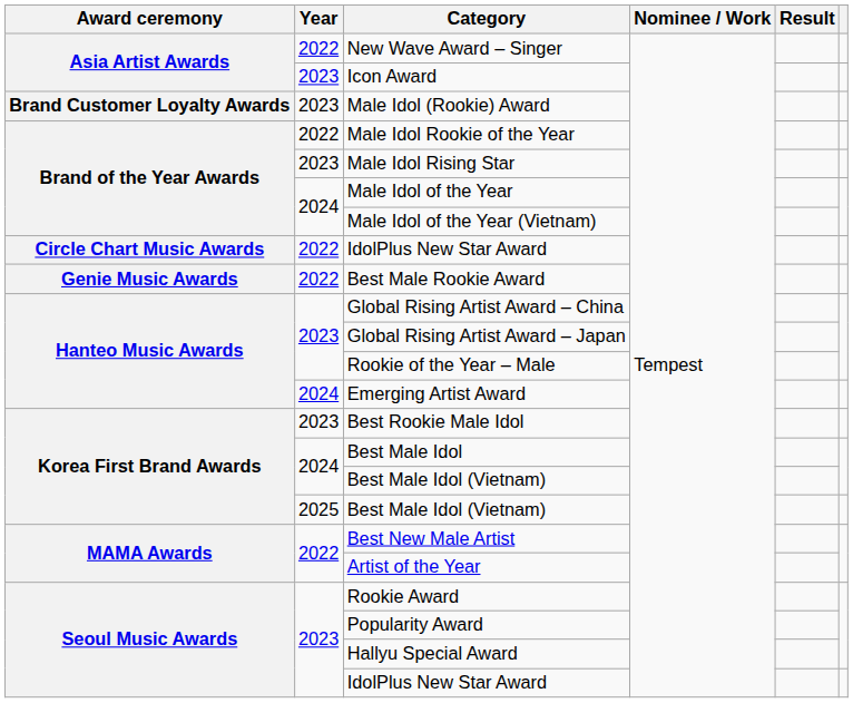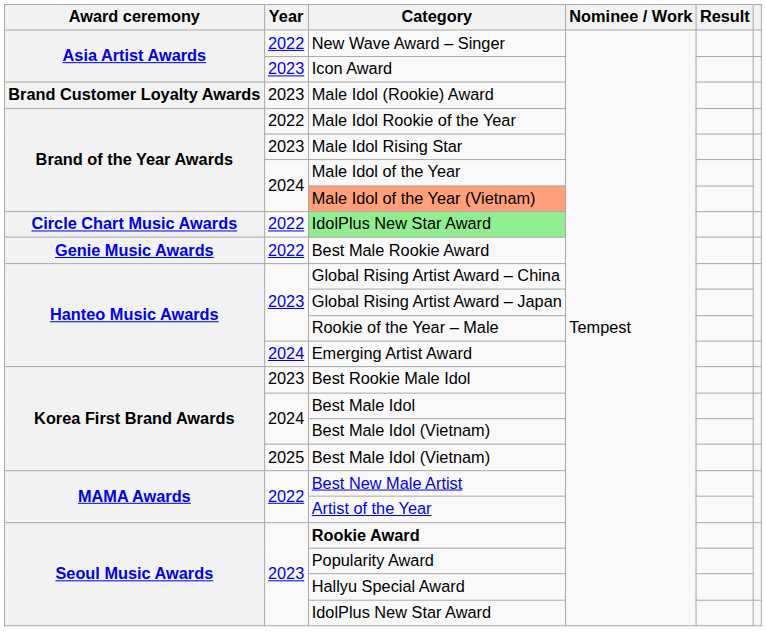 <table class="wikitable plainrowheaders sortable">
 <tr>
 <th scope="col">Award ceremony</th>
 <th scope="col">Year</th>
 <th scope="col">Category</th>
 <th scope="col">Nominee / Work</th>
 <th scope="col">Result</th>
 <th scope="col" class="unsortable"></th>
 </tr>
 <tr>
 <th scope="row"  rowspan="2"><a href='#'>Asia Artist Awards</a></th>
 <td rowspan="1"><a href='#'>2022</a></td>
 <td>New Wave Award  – Singer</td>
 <td rowspan="23">Tempest</td>
 <td></td>
 <td align=center></td>
 </tr>
 <tr>
 <td rowspan="1"><a href='#'>2023</a></td>
 <td>Icon Award</td>
 <td></td>
 <td align=center></td>
 </tr>
 <tr>
 <th scope="row">Brand Customer Loyalty Awards</th>
 <td>2023</td>
 <td>Male Idol (Rookie) Award</td>
 <td></td>
 <td align=center></td>
 </tr>
 <tr>
 <th scope="row" rowspan="4">Brand of the Year Awards</th>
 <td>2022</td>
 <td>Male Idol Rookie of the Year</td>
 <td></td>
 <td align=center></td>
 </tr>
 <tr>
 <td>2023</td>
 <td>Male Idol Rising Star</td>
 <td></td>
 <td align=center></td>
 </tr>
 <tr>
 <td rowspan=2>2024</td>
 <td>Male Idol of the Year</td>
 <td></td>
 <td rowspan="2" align=center></td>
 </tr>
 <tr>
-<td>Male Idol of the Year (Vietnam)</td>
+<td style="background: lightsalmon;">Male Idol of the Year (Vietnam)</td>
 <td></td>
 </tr>
 <tr>
 <th scope="row"><a href='#'>Circle Chart Music Awards</a></th>
 <td><a href='#'>2022</a></td>
-<td>IdolPlus New Star Award</td>
+<td style="background: lightgreen;">IdolPlus New Star Award</td>
 <td></td>
 <td align=center></td>
 </tr>
 <tr>
 <th scope="row"><a href='#'>Genie Music Awards</a></th>
 <td><a href='#'>2022</a></td>
 <td>Best Male Rookie Award</td>
 <td></td>
 <td align=center></td>
 </tr>
 <tr>
 <th scope="row" rowspan="4"><a href='#'>Hanteo Music Awards</a></th>
 <td rowspan=3><a href='#'>2023</a></td>
 <td>Global Rising Artist Award – China</td>
 <td></td>
 <td rowspan="3" align=center></td>
 </tr>
 <tr>
 <td>Global Rising Artist Award – Japan</td>
 <td></td>
 </tr>
 <tr>
 <td>Rookie of the Year – Male</td>
 <td></td>
 </tr>
 <tr>
 <td><a href='#'>2024</a></td>
 <td>Emerging Artist Award</td>
 <td></td>
 <td rowspan="1" align=center></td>
 </tr>
 <tr>
 <th scope="row" rowspan="4">Korea First Brand Awards</th>
 <td>2023</td>
 <td>Best Rookie Male Idol</td>
 <td></td>
 <td align=center></td>
 </tr>
 <tr>
 <td rowspan="2">2024</td>
 <td>Best Male Idol</td>
 <td></td>
 <td rowspan="2" align=center></td>
 </tr>
 <tr>
 <td>Best Male Idol (Vietnam)</td>
 <td></td>
 </tr>
 <tr>
 <td>2025</td>
 <td>Best Male Idol (Vietnam)</td>
 <td></td>
 <td align=center></td>
 </tr>
 <tr>
 <th scope="row" rowspan="2"><a href='#'>MAMA Awards</a></th>
 <td rowspan="2"><a href='#'>2022</a></td>
 <td><a href='#'>Best New Male Artist</a></td>
 <td></td>
 <td rowspan="2" align=center></td>
 </tr>
 <tr>
 <td><a href='#'>Artist of the Year</a></td>
 <td></td>
 </tr>
 <tr>
 <th scope="row" rowspan="4"><a href='#'>Seoul Music Awards</a></th>
 <td rowspan="4"><a href='#'>2023</a></td>
-<td>Rookie Award</td>
+<td><strong>Rookie Award</strong></td>
 <td></td>
 <td rowspan="3" align=center></td>
 </tr>
 <tr>
 <td>Popularity Award</td>
 <td></td>
 </tr>
 <tr>
 <td>Hallyu Special Award</td>
 <td></td>
 </tr>
 <tr>
 <td>IdolPlus New Star Award</td>
 <td></td>
 <td rowspan="1" align=center></td>
 </tr>
 </table>
